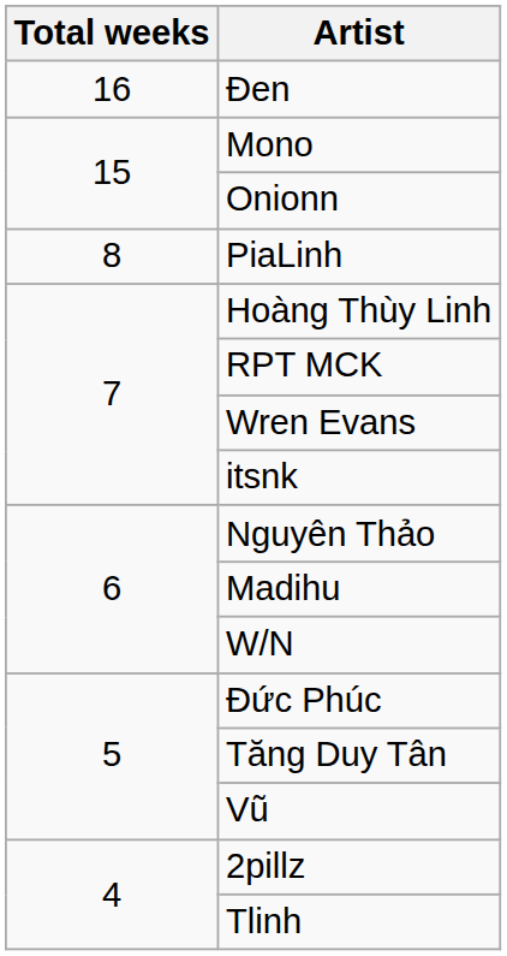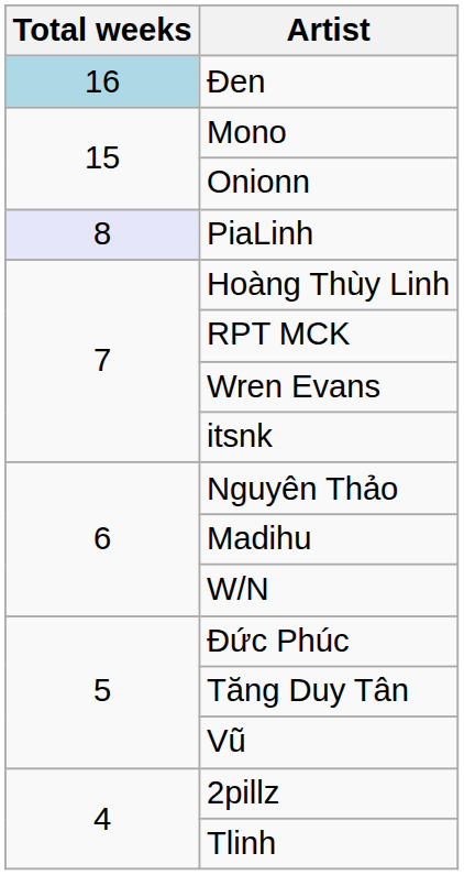 <table class="wikitable sortable">
 <tr>
 <th>Total weeks</th>
 <th>Artist</th>
 </tr>
 <tr>
-<td align="center">16</td>
+<td align="center" style="background: lightblue;">16</td>
 <td>Đen</td>
 </tr>
 <tr>
 <td rowspan="2" align="center">15</td>
 <td>Mono</td>
 </tr>
 <tr>
 <td>Onionn</td>
 </tr>
 <tr>
-<td align="center">8</td>
+<td align="center" style="background: lavender;">8</td>
 <td>PiaLinh</td>
 </tr>
 <tr>
 <td rowspan="4" align="center">7</td>
 <td>Hoàng Thùy Linh</td>
 </tr>
 <tr>
 <td>RPT MCK</td>
 </tr>
 <tr>
 <td>Wren Evans</td>
 </tr>
 <tr>
 <td>itsnk</td>
 </tr>
 <tr>
 <td rowspan="3" align="center">6</td>
 <td>Nguyên Thảo</td>
 </tr>
 <tr>
 <td>Madihu</td>
 </tr>
 <tr>
 <td>W/N</td>
 </tr>
 <tr>
 <td rowspan="3" align="center">5</td>
 <td>Đức Phúc</td>
 </tr>
 <tr>
 <td>Tăng Duy Tân</td>
 </tr>
 <tr>
 <td>Vũ</td>
 </tr>
 <tr>
 <td rowspan="2" align="center">4</td>
 <td>2pillz</td>
 </tr>
 <tr>
 <td>Tlinh</td>
 </tr>
 </table>
